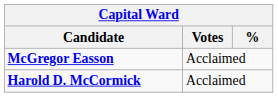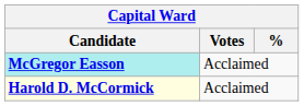 <table class="wikitable">
 <tr>
 <th colspan="3"><a href='#'>Capital Ward</a></th>
 </tr>
 <tr>
 <th style="width: 200px">Candidate</th>
 <th style="width: 50px">Votes</th>
 <th style="width: 40px">%</th>
 </tr>
 <tr>
-<td><strong><a href='#'>McGregor Easson</a></strong></td>
+<td style="background: paleturquoise;"><strong><a href='#'>McGregor Easson</a></strong></td>
 <td colspan="2">Acclaimed</td>
 </tr>
 <tr>
-<td><strong><a href='#'>Harold D. McCormick</a></strong></td>
+<td style="background: lightyellow;"><strong><a href='#'>Harold D. McCormick</a></strong></td>
 <td colspan="2">Acclaimed</td>
 </tr>
 </table>
